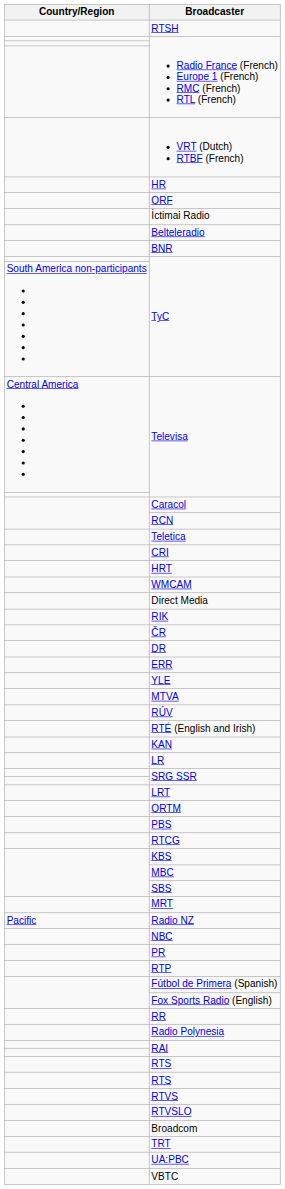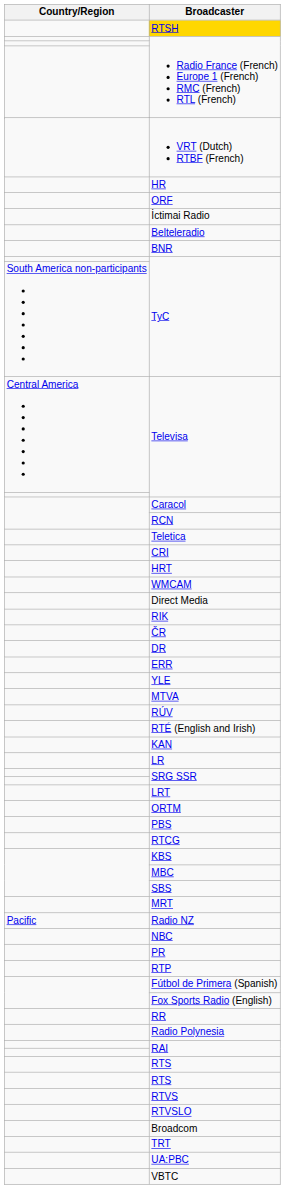 <table class="wikitable">
 <tr>
 <th>Country/Region</th>
 <th>Broadcaster</th>
 </tr>
 <tr>
 <td></td>
-<td><a href='#'>RTSH</a></td>
+<td style="background: gold;"><a href='#'>RTSH</a></td>
 </tr>
 <tr>
 <td></td>
 <td rowspan="3"><br><ul><li><a href='#'>Radio France</a> (French)</li><li><a href='#'>Europe 1</a> (French)</li><li><a href='#'>RMC</a> (French)</li><li><a href='#'>RTL</a> (French)</li></ul></td>
 </tr>
 <tr>
 <td></td>
 </tr>
 <tr>
 <td rowspan="2"></td>
 </tr>
 <tr>
 <td rowspan="2"><br><ul><li><a href='#'>VRT</a> (Dutch)</li><li><a href='#'>RTBF</a> (French)</li></ul></td>
 </tr>
 <tr>
 <td></td>
 </tr>
 <tr>
 <td></td>
 <td><a href='#'>HR</a></td>
 </tr>
 <tr>
 <td></td>
 <td><a href='#'>ORF</a></td>
 </tr>
 <tr>
 <td></td>
 <td>İctimai Radio</td>
 </tr>
 <tr>
 <td></td>
 <td><a href='#'>Belteleradio</a></td>
 </tr>
 <tr>
 <td></td>
 <td><a href='#'>BNR</a></td>
 </tr>
 <tr>
 <td></td>
 <td rowspan="2"><a href='#'>TyC</a></td>
 </tr>
 <tr>
 <td><a href='#'>South America non-participants</a><br><ul><li></li><li></li><li></li><li></li><li></li><li></li><li></li></ul></td>
 </tr>
 <tr>
 <td><a href='#'>Central America</a><br><ul><li></li><li></li><li></li><li></li><li></li><li></li><li></li></ul></td>
 <td rowspan="2"><a href='#'>Televisa</a></td>
 </tr>
 <tr>
 <td></td>
 </tr>
 <tr>
 <td rowspan="2"></td>
 <td><a href='#'>Caracol</a></td>
 </tr>
 <tr>
 <td><a href='#'>RCN</a></td>
 </tr>
 <tr>
 <td></td>
 <td><a href='#'>Teletica</a></td>
 </tr>
 <tr>
 <td></td>
 <td><a href='#'>CRI</a></td>
 </tr>
 <tr>
 <td></td>
 <td><a href='#'>HRT</a></td>
 </tr>
 <tr>
 <td></td>
 <td><a href='#'>WMCAM</a></td>
 </tr>
 <tr>
 <td></td>
 <td>Direct Media</td>
 </tr>
 <tr>
 <td></td>
 <td><a href='#'>RIK</a></td>
 </tr>
 <tr>
 <td></td>
 <td><a href='#'>ČR</a></td>
 </tr>
 <tr>
 <td></td>
 <td><a href='#'>DR</a></td>
 </tr>
 <tr>
 <td></td>
 <td><a href='#'>ERR</a></td>
 </tr>
 <tr>
 <td></td>
 <td><a href='#'>YLE</a></td>
 </tr>
 <tr>
 <td></td>
 <td><a href='#'>MTVA</a></td>
 </tr>
 <tr>
 <td></td>
 <td><a href='#'>RÚV</a></td>
 </tr>
 <tr>
 <td></td>
 <td><a href='#'>RTÉ</a> (English and Irish)</td>
 </tr>
 <tr>
 <td></td>
 <td><a href='#'>KAN</a></td>
 </tr>
 <tr>
 <td></td>
 <td><a href='#'>LR</a></td>
 </tr>
 <tr>
 <td></td>
 <td rowspan="2"><a href='#'>SRG SSR</a></td>
 </tr>
 <tr>
 <td></td>
 </tr>
 <tr>
 <td></td>
 <td><a href='#'>LRT</a></td>
 </tr>
 <tr>
 <td></td>
 <td><a href='#'>ORTM</a></td>
 </tr>
 <tr>
 <td></td>
 <td><a href='#'>PBS</a></td>
 </tr>
 <tr>
 <td></td>
 <td><a href='#'>RTCG</a></td>
 </tr>
 <tr>
 <td rowspan="3"></td>
 <td><a href='#'>KBS</a></td>
 </tr>
 <tr>
 <td><a href='#'>MBC</a></td>
 </tr>
 <tr>
 <td><a href='#'>SBS</a></td>
 </tr>
 <tr>
 <td></td>
 <td><a href='#'>MRT</a></td>
 </tr>
 <tr>
 <td><a href='#'>Pacific</a></td>
 <td><a href='#'>Radio NZ</a></td>
 </tr>
 <tr>
 <td></td>
 <td><a href='#'>NBC</a></td>
 </tr>
 <tr>
 <td></td>
 <td><a href='#'>PR</a></td>
 </tr>
 <tr>
 <td></td>
 <td><a href='#'>RTP</a></td>
 </tr>
 <tr>
 <td rowspan="2"></td>
 <td><a href='#'>Fútbol de Primera</a> (Spanish)</td>
 </tr>
 <tr>
 <td><a href='#'>Fox Sports Radio</a> (English)</td>
 </tr>
 <tr>
 <td></td>
 <td><a href='#'>RR</a></td>
 </tr>
 <tr>
 <td></td>
 <td><a href='#'>Radio Polynesia</a></td>
 </tr>
 <tr>
 <td></td>
 <td rowspan="2"><a href='#'>RAI</a></td>
 </tr>
 <tr>
 <td></td>
 </tr>
 <tr>
 <td></td>
 <td><a href='#'>RTS</a></td>
 </tr>
 <tr>
 <td></td>
 <td><a href='#'>RTS</a></td>
 </tr>
 <tr>
 <td></td>
 <td><a href='#'>RTVS</a></td>
 </tr>
 <tr>
 <td></td>
 <td><a href='#'>RTVSLO</a></td>
 </tr>
 <tr>
 <td></td>
 <td>Broadcom</td>
 </tr>
 <tr>
 <td></td>
 <td><a href='#'>TRT</a></td>
 </tr>
 <tr>
 <td></td>
 <td><a href='#'>UA:PBC</a></td>
 </tr>
 <tr>
 <td></td>
 <td>VBTC</td>
 </tr>
 </table>
